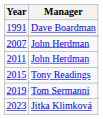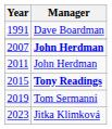 <table class="wikitable">
 <tr>
 <th>Year</th>
 <th>Manager</th>
 </tr>
 <tr>
 <td align=center><a href='#'>1991</a></td>
 <td> <a href='#'>Dave Boardman</a></td>
 </tr>
 <tr>
 </tr>
 <tr>
 <td align=center><a href='#'>2007</a></td>
-<td> <a href='#'>John Herdman</a></td>
+<td><strong> <a href='#'>John Herdman</a></strong></td>
 </tr>
 <tr>
 <td align=center><a href='#'>2011</a></td>
 <td> <a href='#'>John Herdman</a></td>
 </tr>
 <tr>
 <td align=center><a href='#'>2015</a></td>
-<td> <a href='#'>Tony Readings</a></td>
+<td><strong> <a href='#'>Tony Readings</a></strong></td>
 </tr>
 <tr>
 <td align=center><a href='#'>2019</a></td>
 <td> <a href='#'>Tom Sermanni</a></td>
 </tr>
 <tr>
 <td align=center><a href='#'>2023</a></td>
 <td> <a href='#'>Jitka Klimková</a></td>
 </tr>
 </table>
